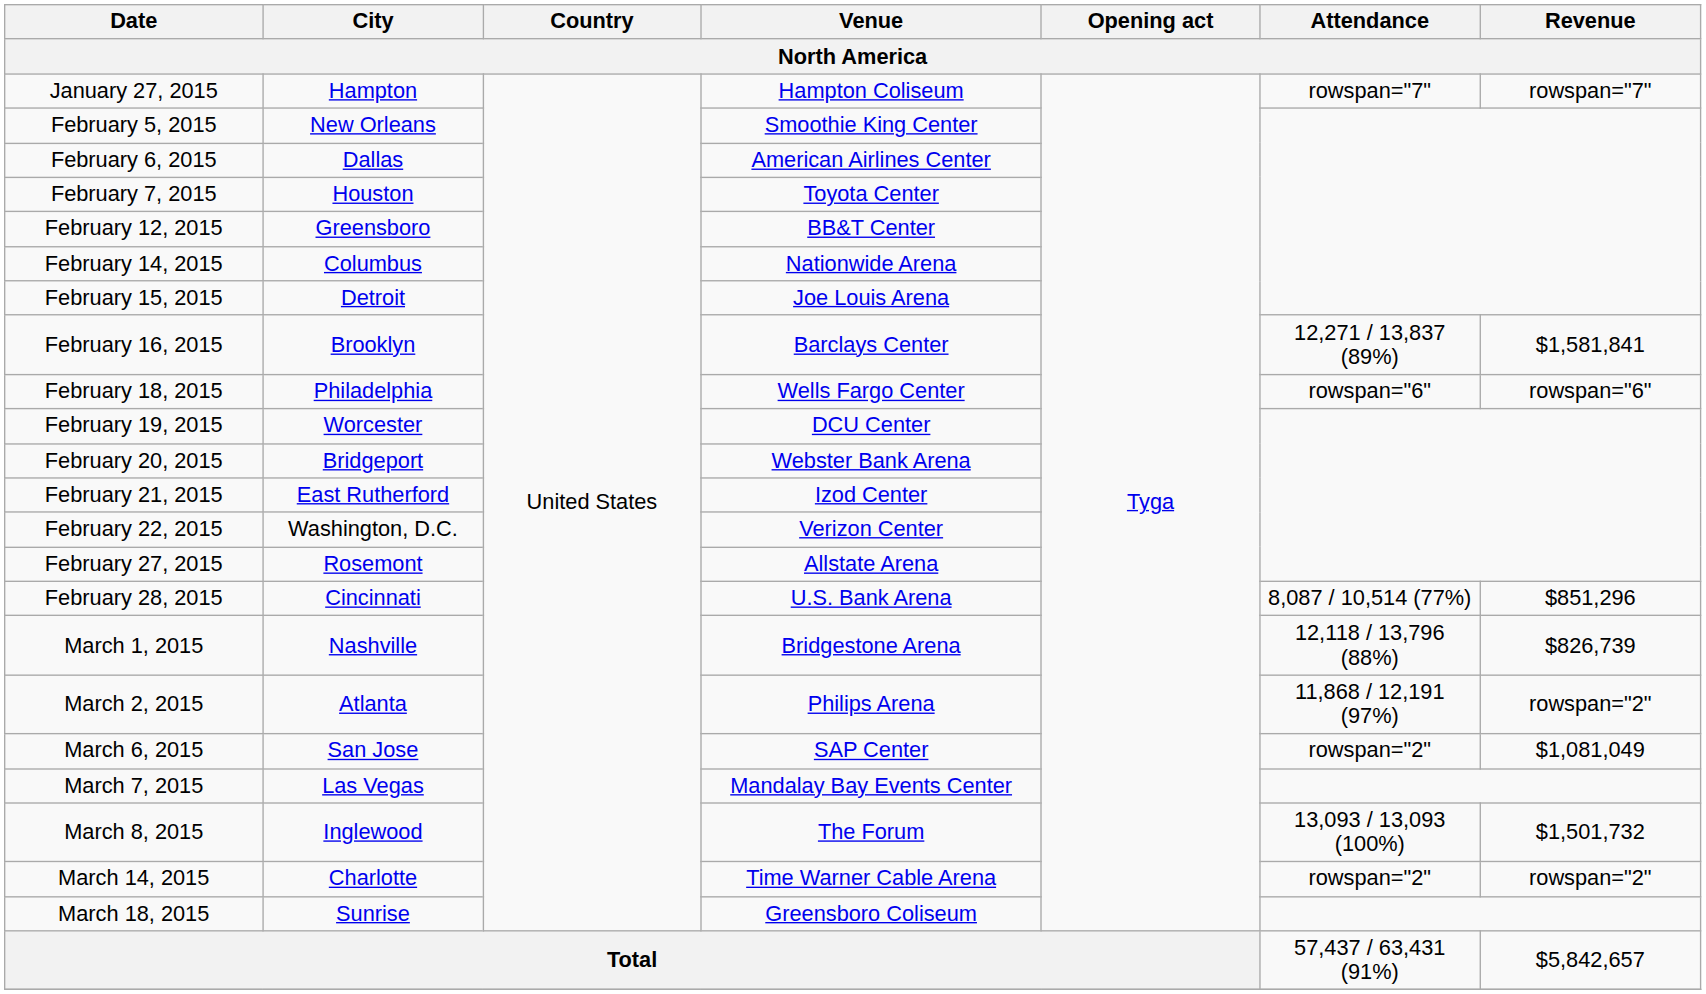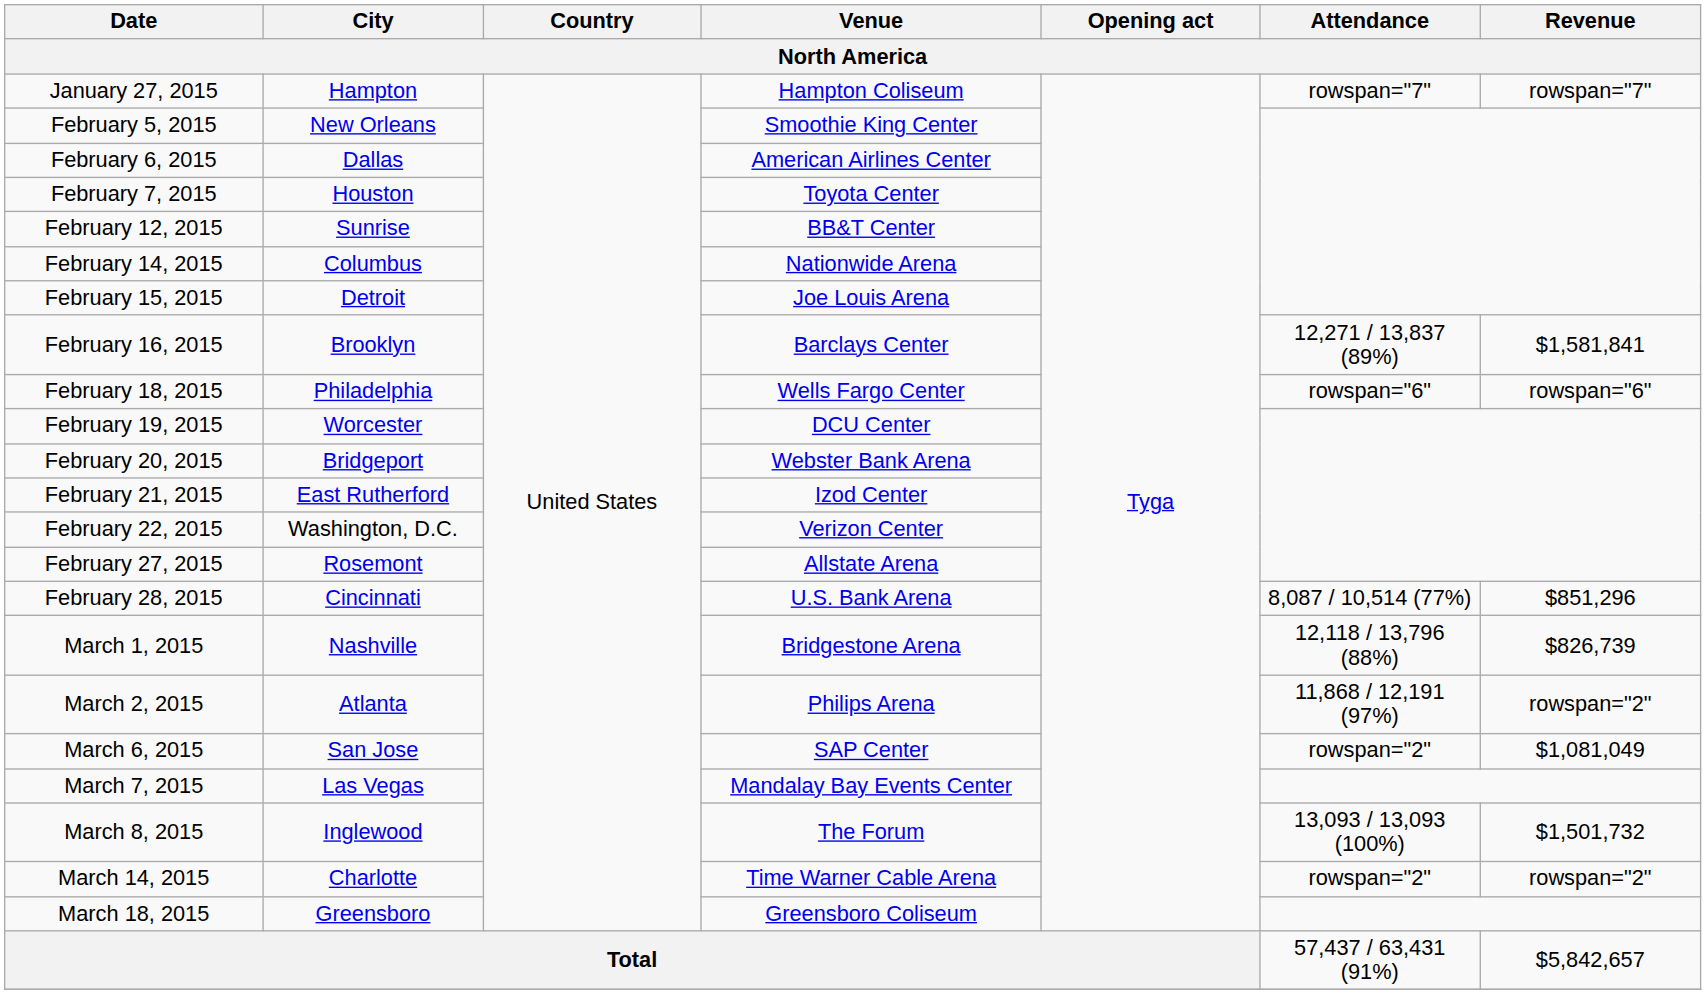 <table class="wikitable plainrowheaders" style="text-align:center;">
 <tr>
 <th scope="col" style="width:12em;">Date</th>
 <th scope="col" style="width:10em;">City</th>
 <th scope="col" style="width:10em;">Country</th>
 <th scope="col" style="width:16em;">Venue</th>
 <th scope="col" style="width:10em;">Opening act</th>
 <th scope="col" style="width:10em;">Attendance</th>
 <th scope="col" style="width:10em;">Revenue</th>
 </tr>
 <tr>
 <th colspan="7">North America</th>
 </tr>
 <tr>
 <td>January 27, 2015</td>
 <td><a href='#'>Hampton</a></td>
 <td rowspan="22">United States</td>
 <td><a href='#'>Hampton Coliseum</a></td>
 <td rowspan="22"><a href='#'>Tyga</a></td>
 <td>rowspan="7" </td>
 <td>rowspan="7" </td>
 </tr>
 <tr>
 <td>February 5, 2015</td>
 <td><a href='#'>New Orleans</a></td>
 <td><a href='#'>Smoothie King Center</a></td>
 </tr>
 <tr>
 <td>February 6, 2015</td>
 <td><a href='#'>Dallas</a></td>
 <td><a href='#'>American Airlines Center</a></td>
 </tr>
 <tr>
 <td>February 7, 2015</td>
 <td><a href='#'>Houston</a></td>
 <td><a href='#'>Toyota Center</a></td>
 </tr>
 <tr>
 <td>February 12, 2015</td>
-<td><a href='#'>Greensboro</a></td>
+<td><a href='#'>Sunrise</a></td>
 <td><a href='#'>BB&T Center</a></td>
 </tr>
 <tr>
 <td>February 14, 2015</td>
 <td><a href='#'>Columbus</a></td>
 <td><a href='#'>Nationwide Arena</a></td>
 </tr>
 <tr>
 <td>February 15, 2015</td>
 <td><a href='#'>Detroit</a></td>
 <td><a href='#'>Joe Louis Arena</a></td>
 </tr>
 <tr>
 <td>February 16, 2015</td>
 <td><a href='#'>Brooklyn</a></td>
 <td><a href='#'>Barclays Center</a></td>
 <td>12,271 / 13,837 (89%)</td>
 <td>$1,581,841</td>
 </tr>
 <tr>
 <td>February 18, 2015</td>
 <td><a href='#'>Philadelphia</a></td>
 <td><a href='#'>Wells Fargo Center</a></td>
 <td>rowspan="6" </td>
 <td>rowspan="6" </td>
 </tr>
 <tr>
 <td>February 19, 2015</td>
 <td><a href='#'>Worcester</a></td>
 <td><a href='#'>DCU Center</a></td>
 </tr>
 <tr>
 <td>February 20, 2015</td>
 <td><a href='#'>Bridgeport</a></td>
 <td><a href='#'>Webster Bank Arena</a></td>
 </tr>
 <tr>
 <td>February 21, 2015</td>
 <td><a href='#'>East Rutherford</a></td>
 <td><a href='#'>Izod Center</a></td>
 </tr>
 <tr>
 <td>February 22, 2015</td>
 <td>Washington, D.C.</td>
 <td><a href='#'>Verizon Center</a></td>
 </tr>
 <tr>
 <td>February 27, 2015</td>
 <td><a href='#'>Rosemont</a></td>
 <td><a href='#'>Allstate Arena</a></td>
 </tr>
 <tr>
 <td>February 28, 2015</td>
 <td><a href='#'>Cincinnati</a></td>
 <td><a href='#'>U.S. Bank Arena</a></td>
 <td>8,087 / 10,514 (77%)</td>
 <td>$851,296</td>
 </tr>
 <tr>
 <td>March 1, 2015</td>
 <td><a href='#'>Nashville</a></td>
 <td><a href='#'>Bridgestone Arena</a></td>
 <td>12,118 / 13,796 (88%)</td>
 <td>$826,739</td>
 </tr>
 <tr>
 <td>March 2, 2015</td>
 <td><a href='#'>Atlanta</a></td>
 <td><a href='#'>Philips Arena</a></td>
 <td>11,868 / 12,191 (97%)</td>
 <td>rowspan="2" </td>
 </tr>
 <tr>
 <td>March 6, 2015</td>
 <td><a href='#'>San Jose</a></td>
 <td><a href='#'>SAP Center</a></td>
 <td>rowspan="2" </td>
 <td>$1,081,049</td>
 </tr>
 <tr>
 <td>March 7, 2015</td>
 <td><a href='#'>Las Vegas</a></td>
 <td><a href='#'>Mandalay Bay Events Center</a></td>
 </tr>
 <tr>
 <td>March 8, 2015</td>
 <td><a href='#'>Inglewood</a></td>
 <td><a href='#'>The Forum</a></td>
 <td>13,093 / 13,093 (100%)</td>
 <td>$1,501,732</td>
 </tr>
 <tr>
 <td>March 14, 2015</td>
 <td><a href='#'>Charlotte</a></td>
 <td><a href='#'>Time Warner Cable Arena</a></td>
 <td>rowspan="2" </td>
 <td>rowspan="2" </td>
 </tr>
 <tr>
 <td>March 18, 2015</td>
-<td><a href='#'>Sunrise</a></td>
+<td><a href='#'>Greensboro</a></td>
 <td><a href='#'>Greensboro Coliseum</a></td>
 </tr>
 <tr>
 <th colspan="5">Total</th>
 <td>57,437 / 63,431 (91%)</td>
 <td>$5,842,657</td>
 </tr>
 <tr>
 </tr>
 </table>
